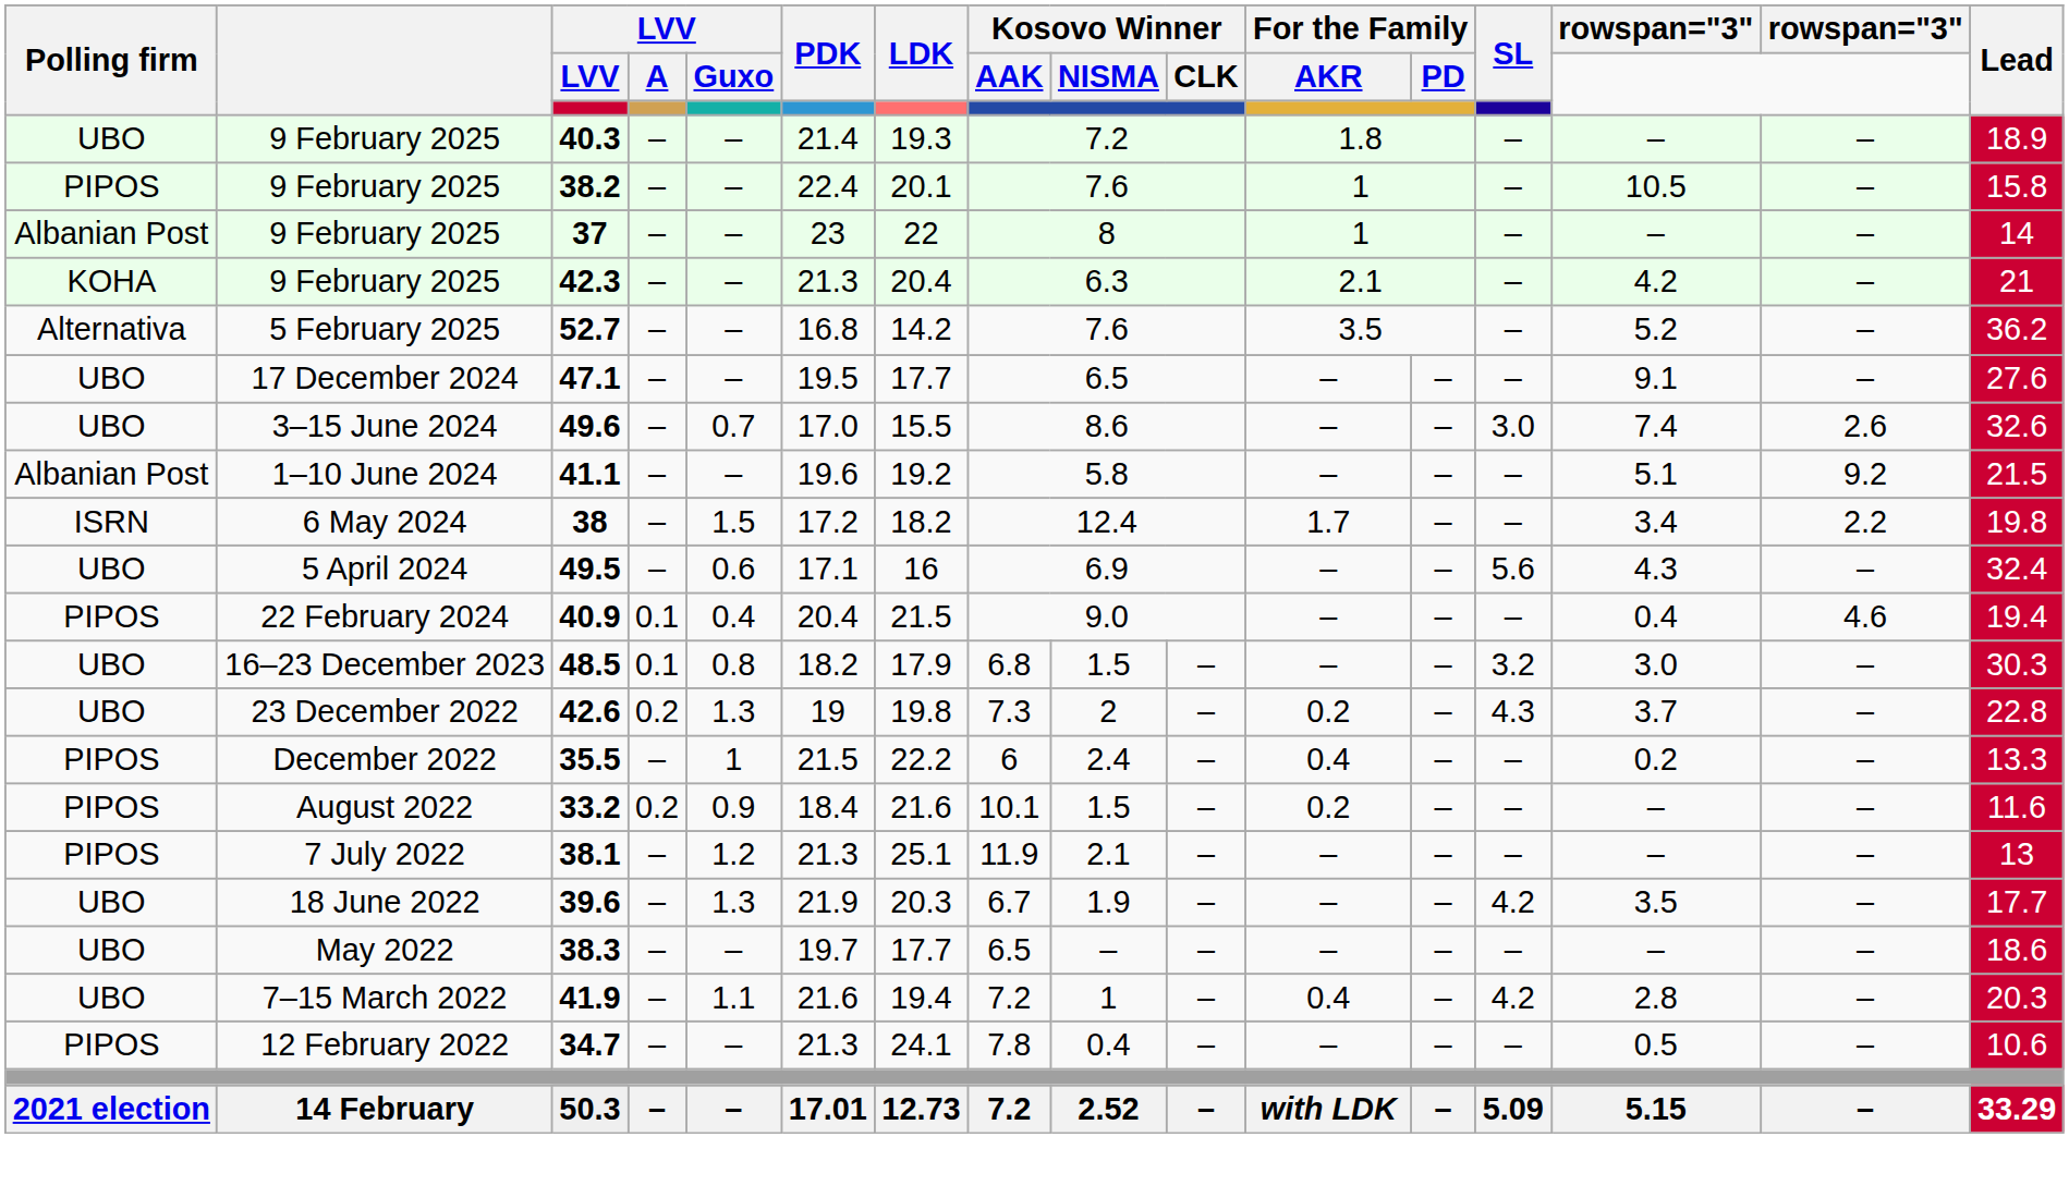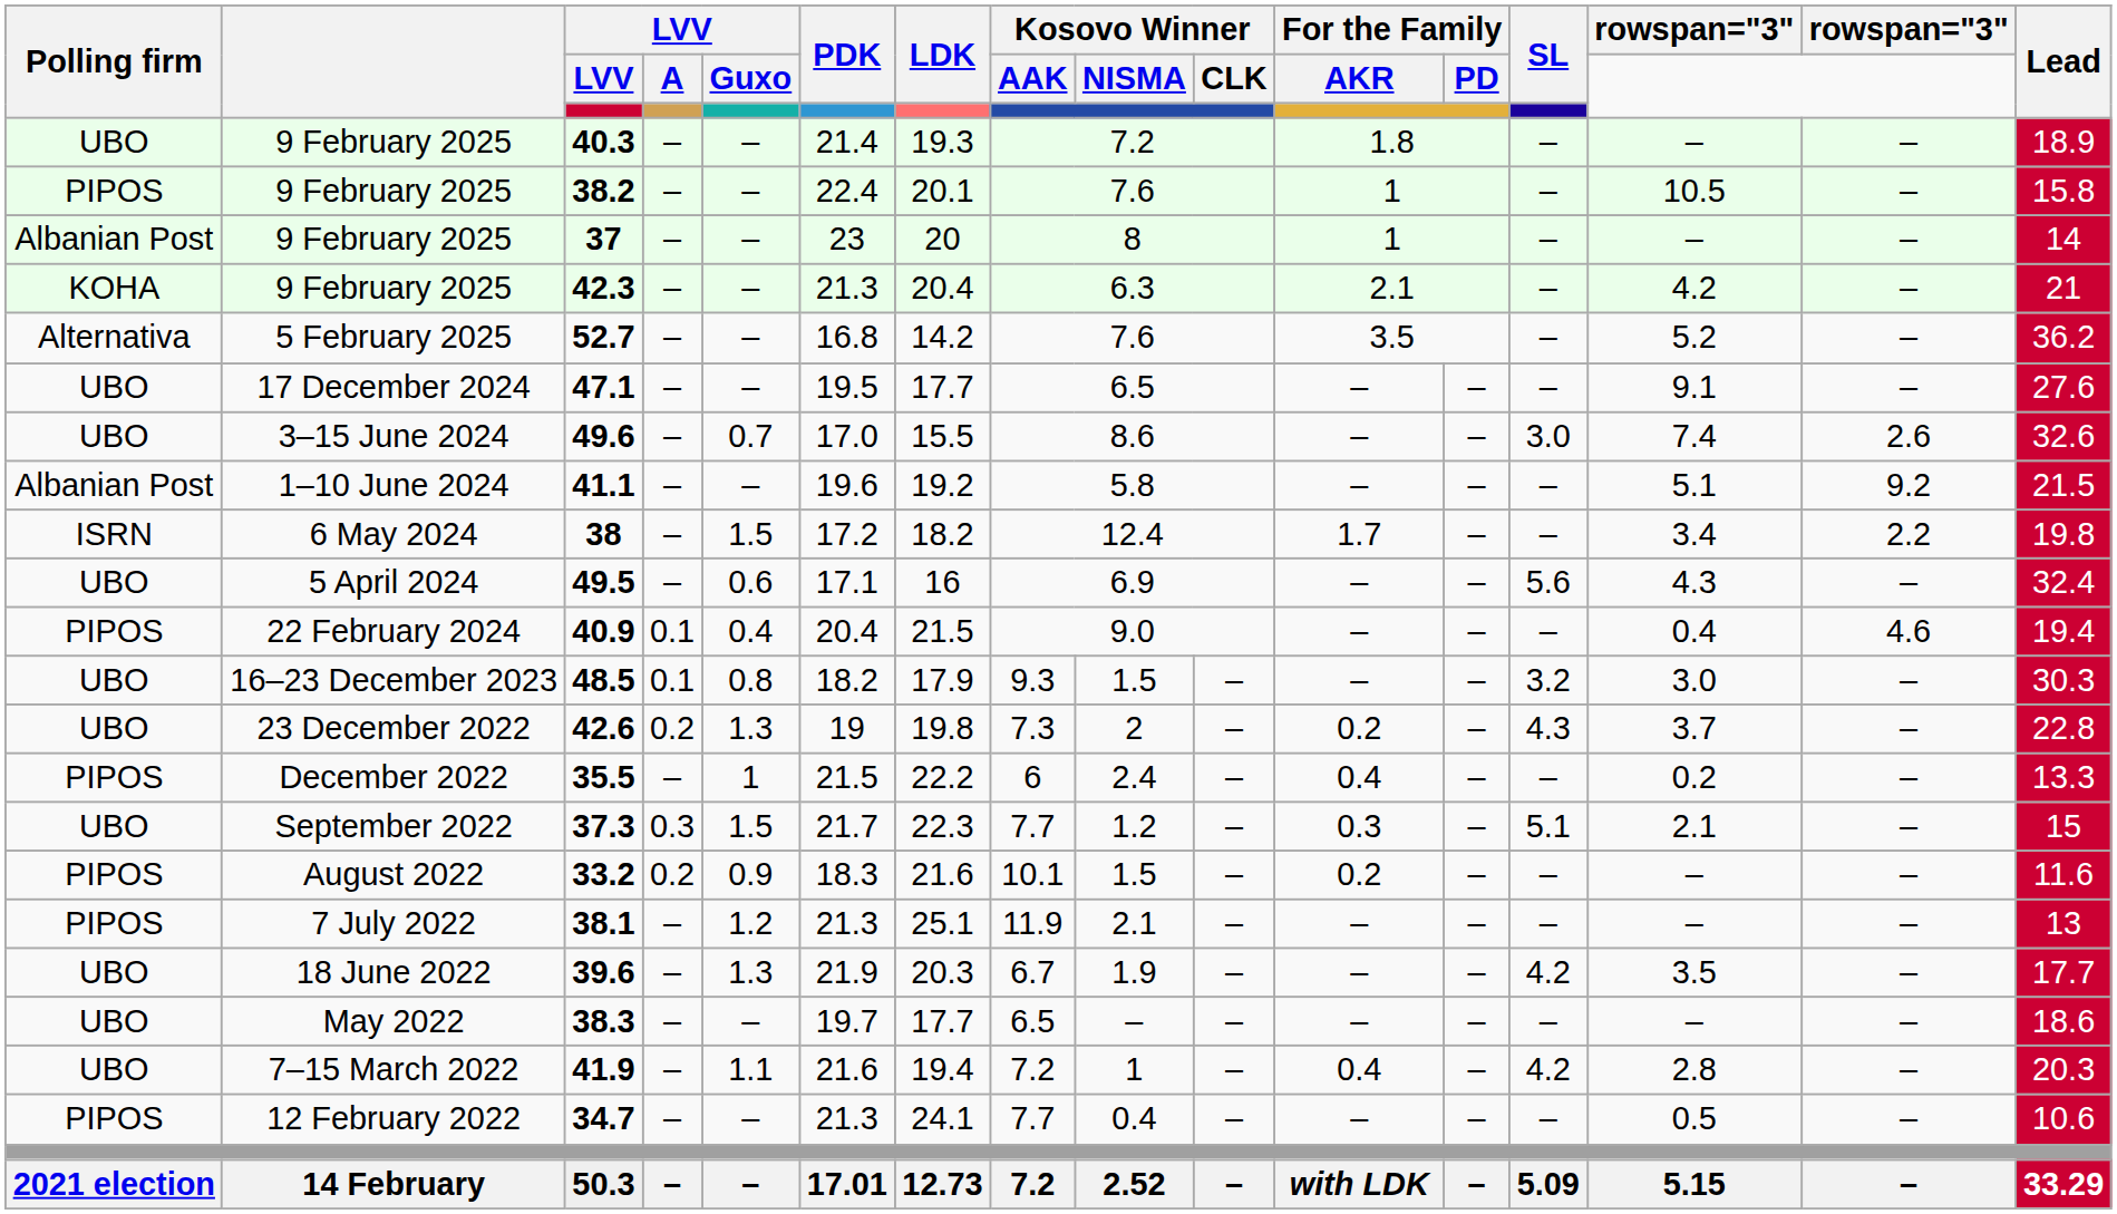 <table class="wikitable sortable" style="text-align:center; font-size:95%; line-height:16px; margin-bottom:0">
 <tr>
 <th rowspan="3">Polling firm</th>
 <th rowspan="3"></th>
 <th colspan="3"><a href='#'>LVV</a></th>
 <th rowspan="2"><a href='#'>PDK</a></th>
 <th rowspan="2"><a href='#'>LDK</a></th>
 <th colspan="3">Kosovo Winner</th>
 <th colspan="2">For the Family</th>
 <th rowspan="2"><a href='#'>SL</a></th>
 <th>rowspan="3" </th>
 <th>rowspan="3" </th>
 <th rowspan="3">Lead</th>
 </tr>
 <tr>
 <th><a href='#'>LVV</a></th>
 <th><a href='#'>A</a></th>
 <th><a href='#'>Guxo</a></th>
 <th><a href='#'>AAK</a></th>
 <th><a href='#'>NISMA</a></th>
 <th>CLK</th>
 <th><a href='#'>AKR</a></th>
 <th><a href='#'>PD</a></th>
 </tr>
 <tr>
 <th style="background:#CC0033;"></th>
 <th style="background:#D0A153;"></th>
 <th style="background:#14B0A7;"></th>
 <th style="background:#2E96D2;"></th>
 <th style="background:#FF7070;"></th>
 <th colspan="3" style="background:#244AA5;"></th>
 <th colspan="2" style="background:#E3B03A;"></th>
 <th style="background:#1B019B;"></th>
 </tr>
 <tr style="background:#EAFFEA"|>
 <td>UBO</td>
 <td>9 February 2025</td>
 <td><strong>40.3</strong></td>
 <td>–</td>
 <td>–</td>
 <td>21.4</td>
 <td>19.3</td>
 <td colspan="3">7.2</td>
 <td colspan="2">1.8</td>
 <td>–</td>
 <td>–</td>
 <td>–</td>
 <td style="background:#CC0033; color:white;">18.9</td>
 </tr>
 <tr style="background:#EAFFEA"|>
 <td>PIPOS</td>
 <td>9 February 2025</td>
 <td><strong>38.2</strong></td>
 <td>–</td>
 <td>–</td>
 <td>22.4</td>
 <td>20.1</td>
 <td colspan="3">7.6</td>
 <td colspan="2">1</td>
 <td>–</td>
 <td>10.5</td>
 <td>–</td>
 <td style="background:#CC0033; color:white;">15.8</td>
 </tr>
 <tr style="background:#EAFFEA"|>
 <td>Albanian Post</td>
 <td>9 February 2025</td>
 <td><strong>37</strong></td>
 <td>–</td>
 <td>–</td>
 <td>23</td>
-<td>22</td>
+<td>20</td>
 <td colspan="3">8</td>
 <td colspan="2">1</td>
 <td>–</td>
 <td>–</td>
 <td>–</td>
 <td style="background:#CC0033; color:white;">14</td>
 </tr>
 <tr style="background:#EAFFEA"|>
 <td>KOHA</td>
 <td>9 February 2025</td>
 <td><strong>42.3</strong></td>
 <td>–</td>
 <td>–</td>
 <td>21.3</td>
 <td>20.4</td>
 <td colspan="3">6.3</td>
 <td colspan="2">2.1</td>
 <td>–</td>
 <td>4.2</td>
 <td>–</td>
 <td style="background:#CC0033; color:white;">21</td>
 </tr>
 <tr>
 <td>Alternativa<wbr></td>
 <td>5 February 2025</td>
 <td><strong>52.7</strong></td>
 <td>–</td>
 <td>–</td>
 <td>16.8</td>
 <td>14.2</td>
 <td colspan="3">7.6</td>
 <td colspan="2">3.5</td>
 <td>–</td>
 <td>5.2</td>
 <td>–</td>
 <td style="background:#CC0033; color:white;">36.2</td>
 </tr>
 <tr>
 <td>UBO</td>
 <td>17 December 2024</td>
 <td><strong>47.1</strong></td>
 <td>–</td>
 <td>–</td>
 <td>19.5</td>
 <td>17.7</td>
 <td colspan="3">6.5</td>
 <td>–</td>
 <td>–</td>
 <td>–</td>
 <td>9.1</td>
 <td>–</td>
 <td style="background:#CC0033; color:white;">27.6</td>
 </tr>
 <tr>
 <td>UBO</td>
 <td>3–15 June 2024</td>
 <td><strong>49.6</strong></td>
 <td>–</td>
 <td>0.7</td>
 <td>17.0</td>
 <td>15.5</td>
 <td colspan="3">8.6</td>
 <td>–</td>
 <td>–</td>
 <td>3.0</td>
 <td>7.4</td>
 <td>2.6</td>
 <td style="background:#CC0033; color:white;">32.6</td>
 </tr>
 <tr>
 <td>Albanian Post</td>
 <td>1–10 June 2024</td>
 <td><strong>41.1</strong></td>
 <td>–</td>
 <td>–</td>
 <td>19.6</td>
 <td>19.2</td>
 <td colspan="3">5.8</td>
 <td>–</td>
 <td>–</td>
 <td>–</td>
 <td>5.1</td>
 <td>9.2</td>
 <td style="background:#CC0033; color:white;">21.5</td>
 </tr>
 <tr>
 <td>ISRN</td>
 <td>6 May 2024</td>
 <td><strong>38</strong></td>
 <td>–</td>
 <td>1.5</td>
 <td>17.2</td>
 <td>18.2</td>
 <td colspan="3">12.4</td>
 <td>1.7</td>
 <td>–</td>
 <td>–</td>
 <td>3.4</td>
 <td>2.2</td>
 <td style="background:#CC0033; color:white;">19.8</td>
 </tr>
 <tr>
 <td>UBO</td>
 <td>5 April 2024</td>
 <td><strong>49.5</strong></td>
 <td>–</td>
 <td>0.6</td>
 <td>17.1</td>
 <td>16</td>
 <td colspan=3>6.9</td>
 <td>–</td>
 <td>–</td>
 <td>5.6</td>
 <td>4.3</td>
 <td>–</td>
 <td style="background:#CC0033; color:white;">32.4</td>
 </tr>
 <tr>
 <td>PIPOS</td>
 <td>22 February 2024</td>
 <td><strong>40.9</strong></td>
 <td>0.1</td>
 <td>0.4</td>
 <td>20.4</td>
 <td>21.5</td>
 <td colspan="3">9.0</td>
 <td>–</td>
 <td>–</td>
 <td>–</td>
 <td>0.4</td>
 <td>4.6</td>
 <td style="background:#CC0033; color:white;">19.4</td>
 </tr>
 <tr>
 <td>UBO</td>
 <td>16–23 December 2023</td>
 <td><strong>48.5</strong></td>
 <td>0.1</td>
 <td>0.8</td>
 <td>18.2</td>
 <td>17.9</td>
-<td>6.8</td>
+<td>9.3</td>
 <td>1.5</td>
 <td>–</td>
 <td>–</td>
 <td>–</td>
 <td>3.2</td>
 <td>3.0</td>
 <td>–</td>
 <td style="background:#CC0033; color:white;">30.3</td>
 </tr>
 <tr>
 <td>UBO</td>
 <td>23 December 2022</td>
 <td><strong>42.6</strong></td>
 <td>0.2</td>
 <td>1.3</td>
 <td>19</td>
 <td>19.8</td>
 <td>7.3</td>
 <td>2</td>
 <td>–</td>
 <td>0.2</td>
 <td>–</td>
 <td>4.3</td>
 <td>3.7</td>
 <td>–</td>
 <td style="background:#CC0033; color:white;">22.8</td>
 </tr>
 <tr>
 <td>PIPOS</td>
 <td>December 2022</td>
 <td><strong>35.5</strong></td>
 <td>–</td>
 <td>1</td>
 <td>21.5</td>
 <td>22.2</td>
 <td>6</td>
 <td>2.4</td>
 <td>–</td>
 <td>0.4</td>
 <td>–</td>
 <td>–</td>
 <td>0.2</td>
 <td>–</td>
 <td style="background:#CC0033; color:white;">13.3</td>
 </tr>
 <tr>
+<td>UBO</td>
+<td>September 2022</td>
+<td><strong>37.3</strong></td>
+<td>0.3</td>
+<td>1.5</td>
+<td>21.7</td>
+<td>22.3</td>
+<td>7.7</td>
+<td>1.2</td>
+<td>–</td>
+<td>0.3</td>
+<td>–</td>
+<td>5.1</td>
+<td>2.1</td>
+<td>–</td>
+<td style="background:#CC0033; color:white;">15</td>
+</tr>
+<tr>
 <td>PIPOS</td>
 <td>August 2022</td>
 <td><strong>33.2</strong></td>
 <td>0.2</td>
 <td>0.9</td>
-<td>18.4</td>
+<td>18.3</td>
 <td>21.6</td>
 <td>10.1</td>
 <td>1.5</td>
 <td>–</td>
 <td>0.2</td>
 <td>–</td>
 <td>–</td>
 <td>–</td>
 <td>–</td>
 <td style="background:#CC0033; color:white;">11.6</td>
 </tr>
 <tr>
 <td>PIPOS</td>
 <td>7 July 2022</td>
 <td><strong>38.1</strong></td>
 <td>–</td>
 <td>1.2</td>
 <td>21.3</td>
 <td>25.1</td>
 <td>11.9</td>
 <td>2.1</td>
 <td>–</td>
 <td>–</td>
 <td>–</td>
 <td>–</td>
 <td>–</td>
 <td>–</td>
 <td style="background:#CC0033; color:white;">13</td>
 </tr>
 <tr>
 <td>UBO</td>
 <td>18 June 2022</td>
 <td><strong>39.6</strong></td>
 <td>–</td>
 <td>1.3</td>
 <td>21.9</td>
 <td>20.3</td>
 <td>6.7</td>
 <td>1.9</td>
 <td>–</td>
 <td>–</td>
 <td>–</td>
 <td>4.2</td>
 <td>3.5</td>
 <td>–</td>
 <td style="background:#CC0033; color:white;">17.7</td>
 </tr>
 <tr>
 <td>UBO</td>
 <td>May 2022</td>
 <td><strong>38.3</strong></td>
 <td>–</td>
 <td>–</td>
 <td>19.7</td>
 <td>17.7</td>
 <td>6.5</td>
 <td>–</td>
 <td>–</td>
 <td>–</td>
 <td>–</td>
 <td>–</td>
 <td>–</td>
 <td>–</td>
 <td style="background:#CC0033; color:white;">18.6</td>
 </tr>
 <tr>
 <td>UBO</td>
 <td>7–15 March 2022</td>
 <td><strong>41.9</strong></td>
 <td>–</td>
 <td>1.1</td>
 <td>21.6</td>
 <td>19.4</td>
 <td>7.2</td>
 <td>1</td>
 <td>–</td>
 <td>0.4</td>
 <td>–</td>
 <td>4.2</td>
 <td>2.8</td>
 <td>–</td>
 <td style="background:#CC0033; color:white;">20.3</td>
 </tr>
 <tr>
 <td>PIPOS</td>
 <td>12 February 2022</td>
 <td><strong>34.7</strong></td>
 <td>–</td>
 <td>–</td>
 <td>21.3</td>
 <td>24.1</td>
-<td>7.8</td>
+<td>7.7</td>
 <td>0.4</td>
 <td>–</td>
 <td>–</td>
 <td>–</td>
 <td>–</td>
 <td>0.5</td>
 <td>–</td>
 <td style="background:#CC0033; color:white;">10.6</td>
 </tr>
 <tr>
 <td colspan="16" style="background:#A0A0A0"></td>
 </tr>
 <tr style="background:#EFEFEF">
 <th><a href='#'>2021 election</a></th>
 <th>14 February</th>
 <td><strong>50.3</strong></td>
 <th>–</th>
 <th>–</th>
 <th>17.01</th>
 <th>12.73</th>
 <th>7.2</th>
 <th>2.52</th>
 <th>–</th>
 <th><em>with LDK</em></th>
 <th>–</th>
 <th>5.09</th>
 <th>5.15</th>
 <th>–</th>
 <th style="background:#CC0033; color:white;">33.29</th>
 </tr>
 </table>
